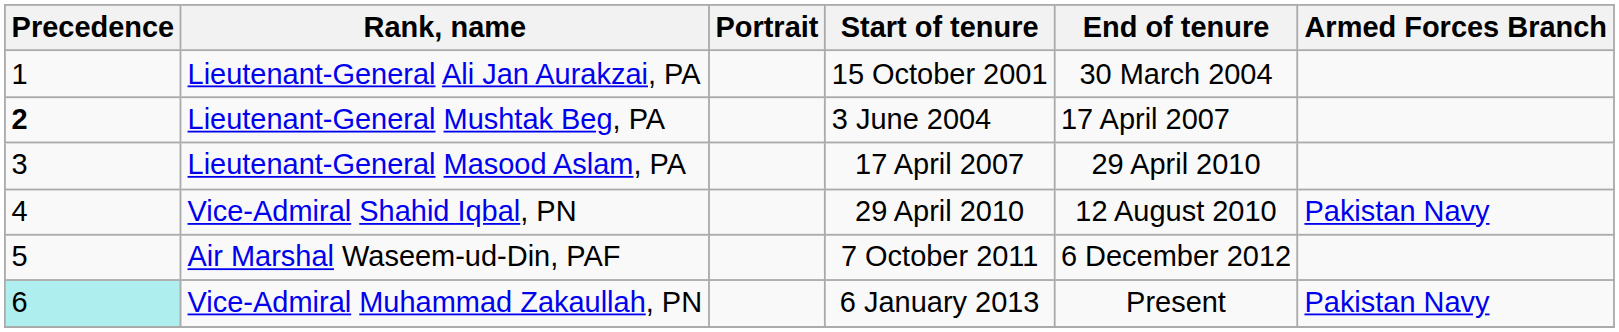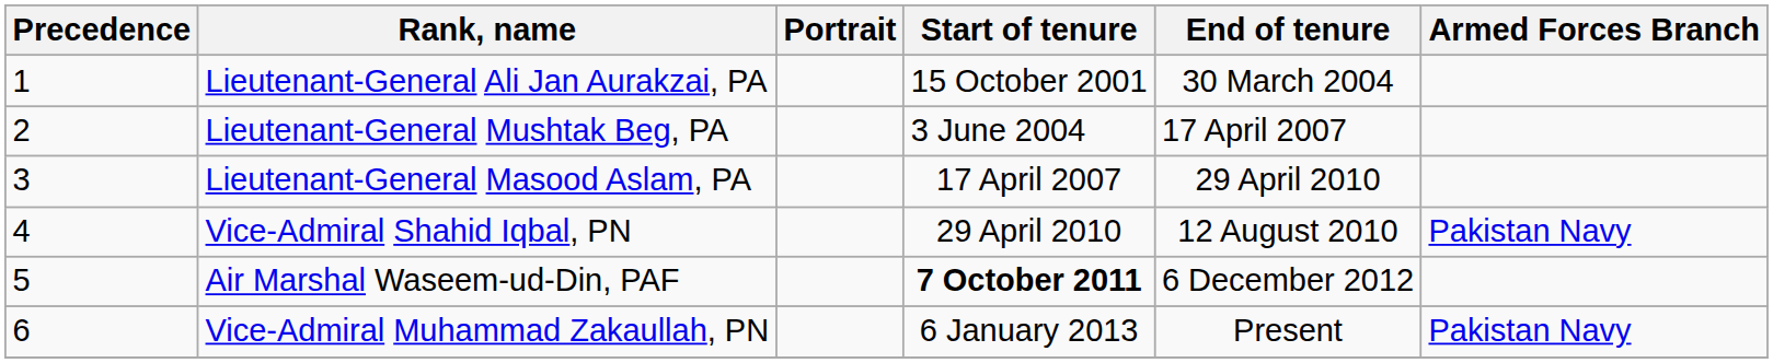 <table class="wikitable"  style="font-size:100%;">
 <tr>
 <th>Precedence</th>
 <th>Rank, name</th>
 <th>Portrait</th>
 <th>Start of tenure</th>
 <th>End of tenure</th>
 <th>Armed Forces Branch</th>
 </tr>
 <tr>
 <td>1</td>
 <td><a href='#'>Lieutenant-General</a> <a href='#'>Ali Jan Aurakzai</a>, PA</td>
 <td></td>
 <td style="text-align:center;">15 October 2001</td>
 <td style="text-align:center;">30 March 2004</td>
 <td></td>
 </tr>
 <tr>
-<td><strong>2</strong></td>
+<td>2</td>
 <td><a href='#'>Lieutenant-General</a> <a href='#'>Mushtak Beg</a>, PA</td>
 <td></td>
 <td>3 June 2004</td>
 <td>17 April 2007</td>
 <td></td>
 </tr>
 <tr>
 <td>3</td>
 <td><a href='#'>Lieutenant-General</a> <a href='#'>Masood Aslam</a>, PA</td>
 <td></td>
 <td style="text-align:center;">17 April 2007</td>
 <td style="text-align:center;">29 April 2010</td>
 <td></td>
 </tr>
 <tr>
 <td>4</td>
 <td><a href='#'>Vice-Admiral</a> <a href='#'>Shahid Iqbal</a>, PN</td>
 <td></td>
 <td style="text-align:center;">29 April 2010</td>
 <td style="text-align:center;">12 August 2010</td>
 <td> <a href='#'>Pakistan Navy</a></td>
 </tr>
 <tr>
 <td>5</td>
 <td><a href='#'>Air Marshal</a> Waseem-ud-Din, PAF</td>
 <td></td>
-<td style="text-align:center;">7 October 2011</td>
+<td style="text-align:center;"><strong>7 October 2011</strong></td>
 <td style="text-align:center;">6 December 2012</td>
 <td></td>
 </tr>
 <tr>
-<td style="background: paleturquoise;">6</td>
+<td>6</td>
 <td><a href='#'>Vice-Admiral</a> <a href='#'>Muhammad Zakaullah</a>, PN</td>
 <td></td>
 <td style="text-align:center;">6 January 2013</td>
 <td style="text-align:center;">Present</td>
 <td> <a href='#'>Pakistan Navy</a></td>
 </tr>
 <tr>
 </tr>
 </table>
